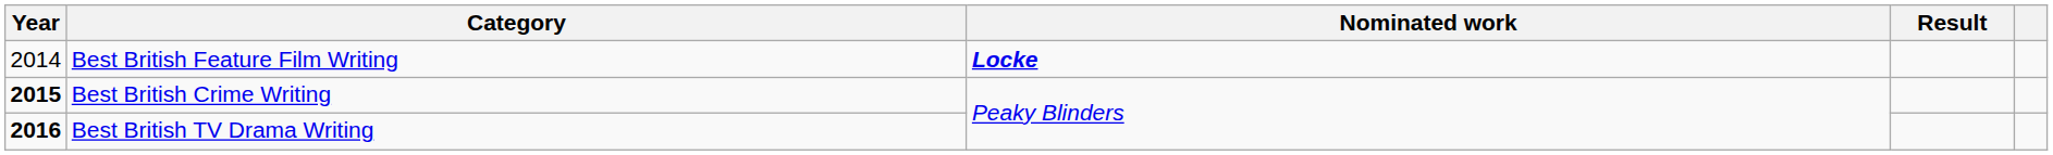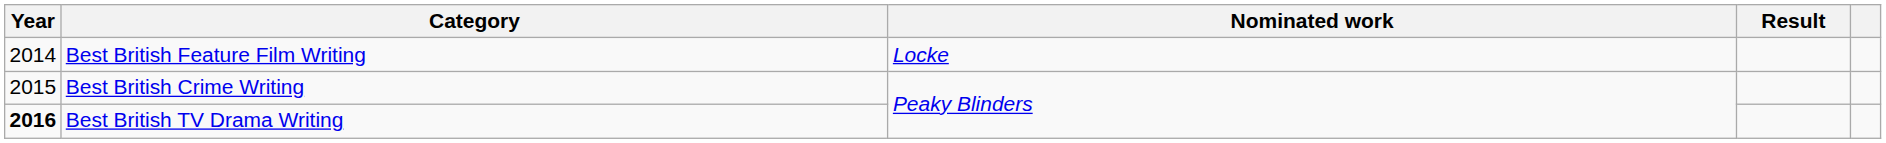 <table class="wikitable sortable">
 <tr>
 <th scope="col" style="width:1em;">Year</th>
 <th scope="col" style="width:39em;">Category</th>
 <th scope="col" style="width:40em;">Nominated work</th>
 <th scope="col" style="width:5em;">Result</th>
 <th scope="col" style="width:1em;"class="unsortable"></th>
 </tr>
 <tr>
 <td>2014</td>
 <td><a href='#'>Best British Feature Film Writing</a></td>
-<td><strong><em><a href='#'>Locke</a></em></strong></td>
+<td><em><a href='#'>Locke</a></em></td>
 <td></td>
 <td></td>
 </tr>
 <tr>
-<td><strong>2015</strong></td>
+<td>2015</td>
 <td><a href='#'>Best British Crime Writing</a></td>
 <td rowspan="2"><em><a href='#'>Peaky Blinders</a></em></td>
 <td></td>
 <td></td>
 </tr>
 <tr>
 <td><strong>2016</strong></td>
 <td><a href='#'>Best British TV Drama Writing</a></td>
 <td></td>
 <td></td>
 </tr>
 </table>
